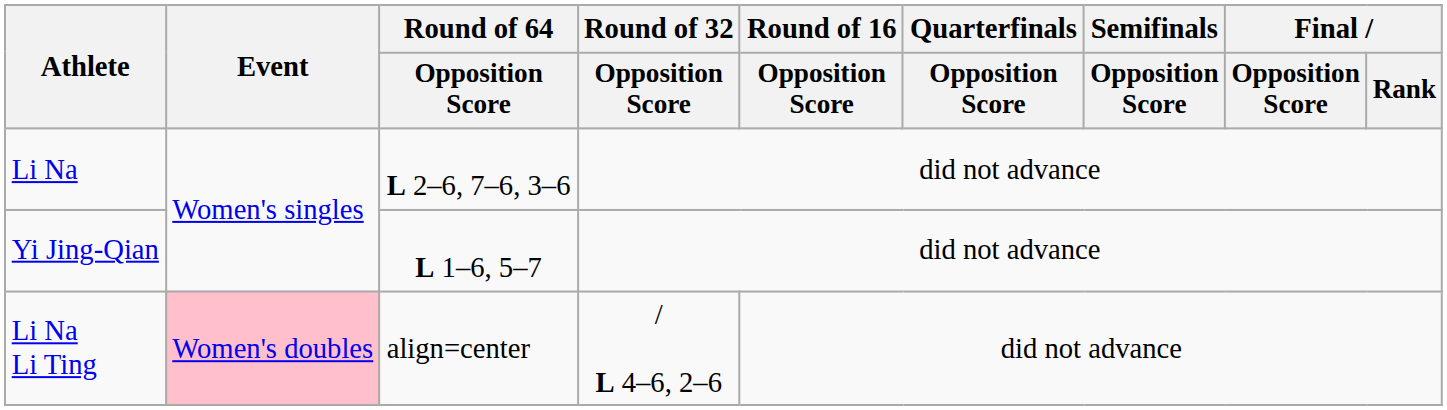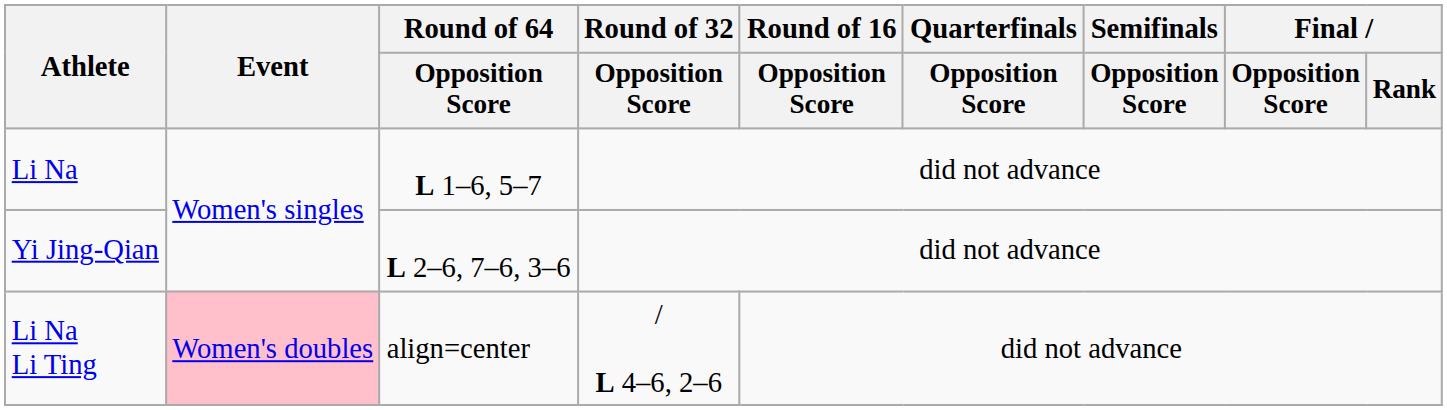 <table class=wikitable style="font-size:90%">
 <tr>
 <th rowspan="2">Athlete</th>
 <th rowspan="2">Event</th>
 <th>Round of 64</th>
 <th>Round of 32</th>
 <th>Round of 16</th>
 <th>Quarterfinals</th>
 <th>Semifinals</th>
 <th colspan=2>Final / </th>
 </tr>
 <tr style="font-size:95%">
 <th>Opposition<br>Score</th>
 <th>Opposition<br>Score</th>
 <th>Opposition<br>Score</th>
 <th>Opposition<br>Score</th>
 <th>Opposition<br>Score</th>
 <th>Opposition<br>Score</th>
 <th>Rank</th>
 </tr>
 <tr>
 <td align=left><a href='#'>Li Na</a></td>
 <td align=left rowspan=2><a href='#'>Women's singles</a></td>
-<td align=center><br><strong>L</strong> 2–6, 7–6, 3–6</td>
+<td align=center><br><strong>L</strong> 1–6, 5–7</td>
 <td align=center colspan=6>did not advance</td>
 </tr>
 <tr>
 <td align=left><a href='#'>Yi Jing-Qian</a></td>
-<td align=center><br><strong>L</strong> 1–6, 5–7</td>
+<td align=center><br><strong>L</strong> 2–6, 7–6, 3–6</td>
 <td align=center colspan=6>did not advance</td>
 </tr>
 <tr>
 <td align=left><a href='#'>Li Na</a><br> <a href='#'>Li Ting</a></td>
 <td align=left style="background: pink;"><a href='#'>Women's doubles</a></td>
 <td>align=center </td>
 <td align=center> /<br><br><strong>L</strong> 4–6, 2–6</td>
 <td align=center colspan=5>did not advance</td>
 </tr>
 </table>
